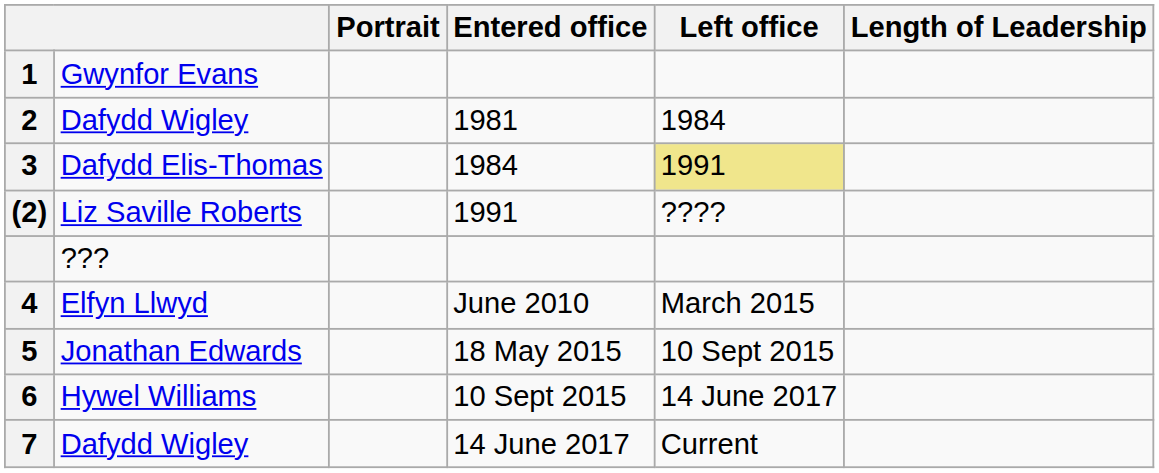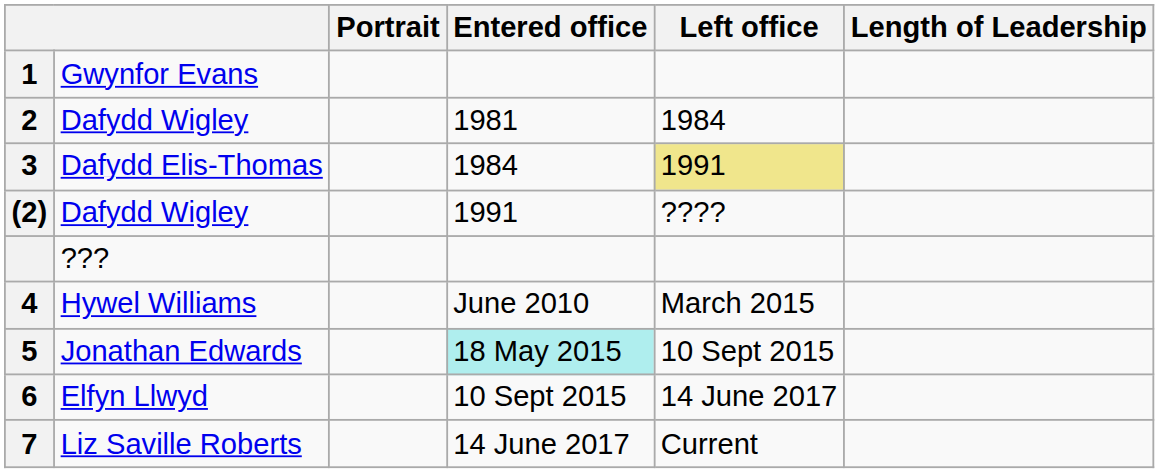 <table class="wikitable">
 <tr>
 <th colspan=2></th>
 <th>Portrait</th>
 <th>Entered office</th>
 <th>Left office</th>
 <th>Length of Leadership</th>
 </tr>
 <tr>
 <th>1</th>
 <td><a href='#'>Gwynfor Evans</a></td>
 <td></td>
 <td></td>
 <td></td>
 <td></td>
 </tr>
 <tr>
 <th>2</th>
 <td><a href='#'>Dafydd Wigley</a></td>
 <td></td>
 <td>1981</td>
 <td>1984</td>
 <td></td>
 </tr>
 <tr>
 <th>3</th>
 <td><a href='#'>Dafydd Elis-Thomas</a></td>
 <td></td>
 <td>1984</td>
 <td style="background: khaki;">1991</td>
 <td></td>
 </tr>
 <tr>
 <th>(2)</th>
-<td><a href='#'>Liz Saville Roberts</a></td>
+<td><a href='#'>Dafydd Wigley</a></td>
 <td></td>
 <td>1991</td>
 <td>????</td>
 <td></td>
 </tr>
 <tr>
 <th></th>
 <td>???</td>
 <td></td>
 <td></td>
 <td></td>
 <td></td>
 </tr>
 <tr>
 <th>4</th>
-<td><a href='#'>Elfyn Llwyd</a></td>
+<td><a href='#'>Hywel Williams</a></td>
 <td></td>
 <td>June 2010</td>
 <td>March 2015</td>
 <td></td>
 </tr>
 <tr>
 <th>5</th>
 <td><a href='#'>Jonathan Edwards</a></td>
 <td></td>
-<td>18 May 2015</td>
+<td style="background: paleturquoise;">18 May 2015</td>
 <td>10 Sept 2015</td>
 <td></td>
 </tr>
 <tr>
 <th>6</th>
-<td><a href='#'>Hywel Williams</a></td>
+<td><a href='#'>Elfyn Llwyd</a></td>
 <td></td>
 <td>10 Sept 2015</td>
 <td>14 June 2017</td>
 <td></td>
 </tr>
 <tr>
 <th>7</th>
-<td><a href='#'>Dafydd Wigley</a></td>
+<td><a href='#'>Liz Saville Roberts</a></td>
 <td></td>
 <td>14 June 2017</td>
 <td>Current</td>
 <td></td>
 </tr>
 </table>
